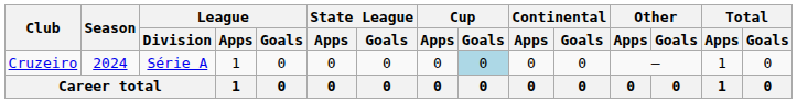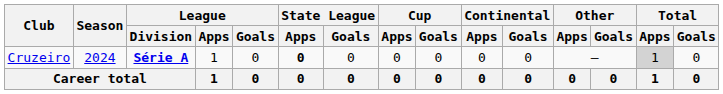 <table class="wikitable" style="text-align: center;">
 <tr>
 <th rowspan="2">Club</th>
 <th rowspan="2">Season</th>
 <th colspan="3">League</th>
 <th colspan="2">State League</th>
 <th colspan="2">Cup</th>
 <th colspan="2">Continental</th>
 <th colspan="2">Other</th>
 <th colspan="2">Total</th>
 </tr>
 <tr>
 <th>Division</th>
 <th>Apps</th>
 <th>Goals</th>
 <th>Apps</th>
 <th>Goals</th>
 <th>Apps</th>
 <th>Goals</th>
 <th>Apps</th>
 <th>Goals</th>
 <th>Apps</th>
 <th>Goals</th>
 <th>Apps</th>
 <th>Goals</th>
 </tr>
 <tr>
 <td><a href='#'>Cruzeiro</a></td>
 <td><a href='#'>2024</a></td>
-<td><a href='#'>Série A</a></td>
+<td><strong><a href='#'>Série A</a></strong></td>
 <td>1</td>
+<td>0</td>
+<td><strong>0</strong></td>
 <td>0</td>
 <td>0</td>
 <td>0</td>
 <td>0</td>
-<td style="background: lightblue;">0</td>
-<td>0</td>
 <td>0</td>
 <td colspan="2">—</td>
-<td>1</td>
+<td style="background: lightgrey;">1</td>
 <td>0</td>
 </tr>
 <tr>
 <th colspan="3"><strong>Career total</strong></th>
 <th>1</th>
 <th>0</th>
 <th>0</th>
 <th>0</th>
 <th>0</th>
 <th>0</th>
 <th>0</th>
 <th>0</th>
 <th>0</th>
 <th>0</th>
 <th>1</th>
 <th>0</th>
 </tr>
 </table>
